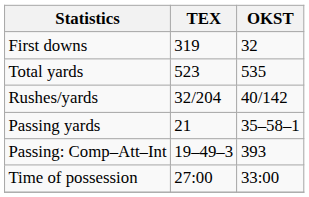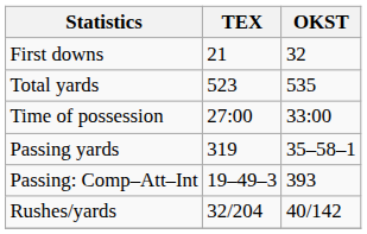 <table class="wikitable" style="float: left;">
 <tr>
 <th>Statistics</th>
 <th>TEX</th>
 <th>OKST</th>
 </tr>
 <tr>
 <td>First downs</td>
-<td>319</td>
+<td>21</td>
 <td>32</td>
 </tr>
 <tr>
 <td>Total yards</td>
 <td>523</td>
 <td>535</td>
 </tr>
 <tr>
-<td>Rushes/yards</td>
-<td>32/204</td>
-<td>40/142</td>
+<td>Time of possession</td>
+<td>27:00</td>
+<td>33:00</td>
 </tr>
 <tr>
 <td>Passing yards</td>
-<td>21</td>
+<td>319</td>
 <td>35–58–1</td>
 </tr>
 <tr>
 <td>Passing: Comp–Att–Int</td>
 <td>19–49–3</td>
 <td>393</td>
 </tr>
 <tr>
-<td>Time of possession</td>
-<td>27:00</td>
-<td>33:00</td>
+<td>Rushes/yards</td>
+<td>32/204</td>
+<td>40/142</td>
 </tr>
 <tr>
 </tr>
 </table>
